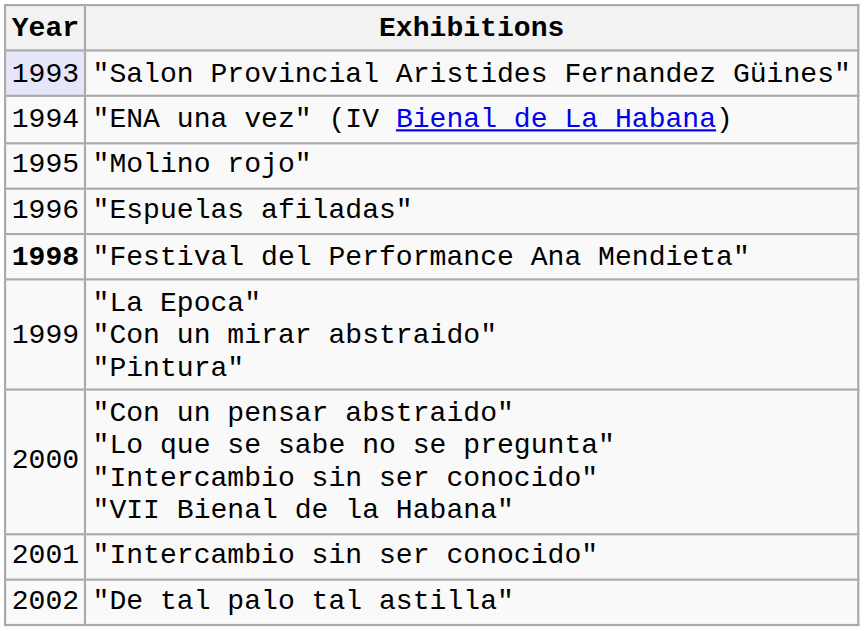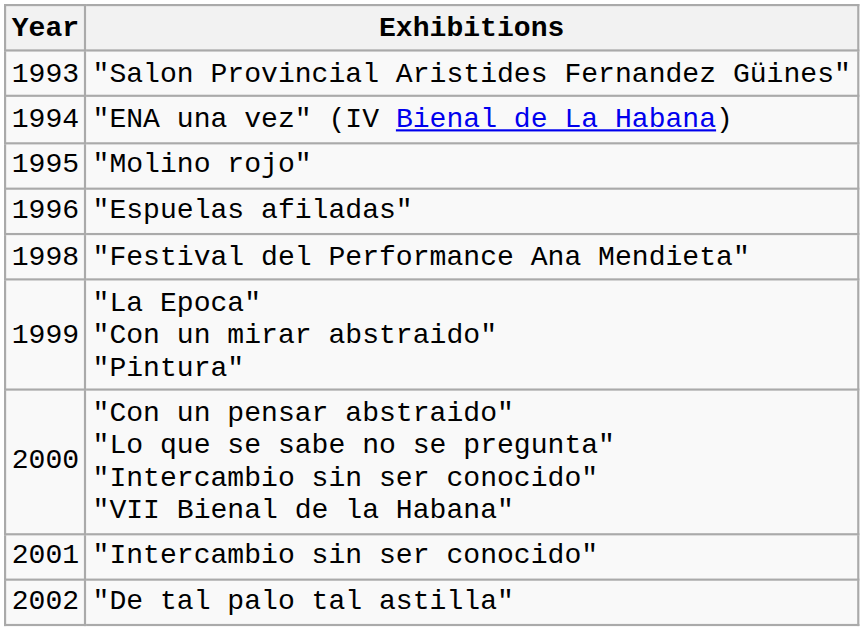 <table class="wikitable" border="1">
 <tr>
 <th>Year</th>
 <th>Exhibitions</th>
 </tr>
 <tr>
-<td style="background: lavender;">1993</td>
+<td>1993</td>
 <td>"Salon Provincial Aristides Fernandez Güines"</td>
 </tr>
 <tr>
 <td>1994</td>
 <td>"ENA una vez" (IV <a href='#'>Bienal de La Habana</a>)</td>
 </tr>
 <tr>
 <td>1995</td>
 <td>"Molino rojo"</td>
 </tr>
 <tr>
 <td>1996</td>
 <td>"Espuelas afiladas"</td>
 </tr>
 <tr>
-<td><strong>1998</strong></td>
+<td>1998</td>
 <td>"Festival del Performance Ana Mendieta"</td>
 </tr>
 <tr>
 <td>1999</td>
 <td>"La Epoca" <br> "Con un mirar abstraido" <br> "Pintura"</td>
 </tr>
 <tr>
 <td>2000</td>
 <td>"Con un pensar abstraido" <br> "Lo que se sabe no se pregunta" <br> "Intercambio sin ser conocido" <br> "VII Bienal de la Habana"</td>
 </tr>
 <tr>
 <td>2001</td>
 <td>"Intercambio sin ser conocido"</td>
 </tr>
 <tr>
 <td>2002</td>
 <td>"De tal palo tal astilla"</td>
 </tr>
 </table>
